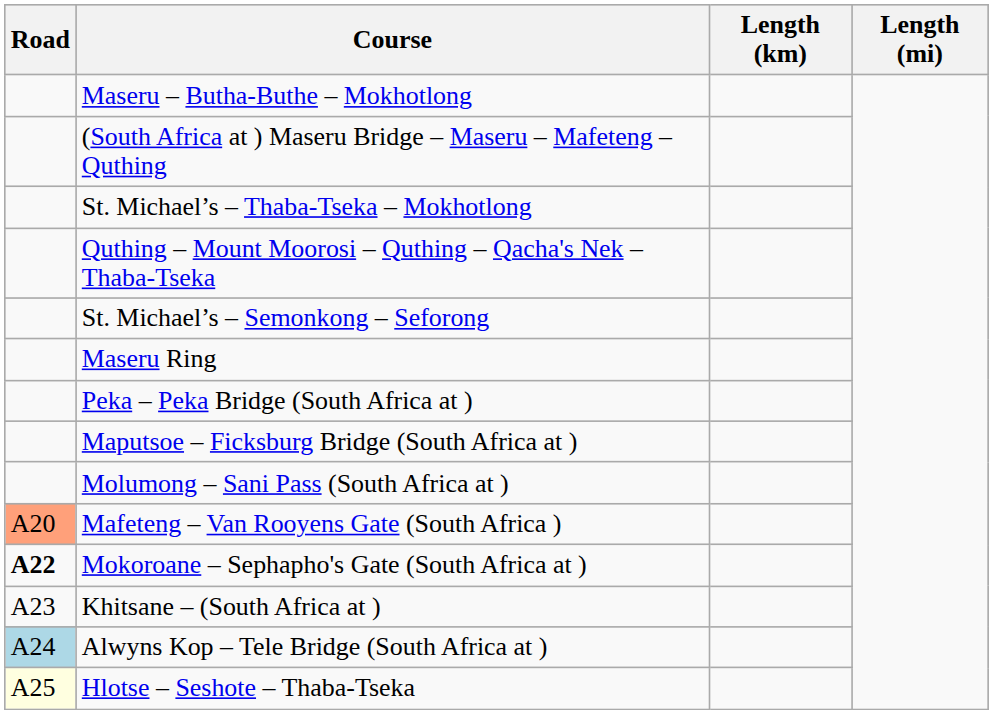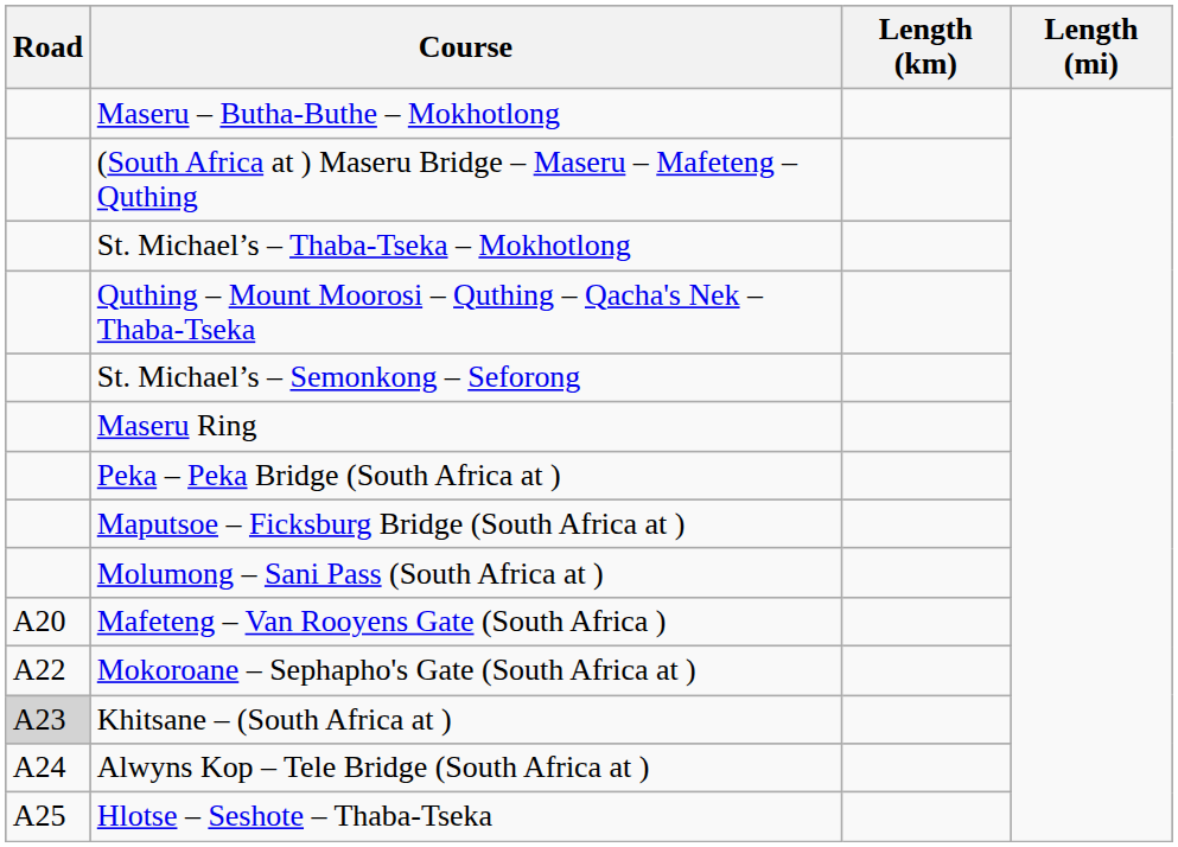 <table class="wikitable">
 <tr>
 <th>Road</th>
 <th>Course</th>
 <th>Length (km)</th>
 <th>Length (mi)</th>
 </tr>
 <tr>
 <td></td>
 <td><a href='#'>Maseru</a> – <a href='#'>Butha-Buthe</a> – <a href='#'>Mokhotlong</a></td>
 <td></td>
 </tr>
 <tr>
 <td></td>
 <td>(<a href='#'>South Africa</a> at ) Maseru Bridge – <a href='#'>Maseru</a> – <a href='#'>Mafeteng</a> –  <a href='#'>Quthing</a></td>
 <td></td>
 </tr>
 <tr>
 <td></td>
 <td>St. Michael’s – <a href='#'>Thaba-Tseka</a> – <a href='#'>Mokhotlong</a></td>
 <td></td>
 </tr>
 <tr>
 <td></td>
 <td><a href='#'>Quthing</a> – <a href='#'>Mount Moorosi</a> – <a href='#'>Quthing</a> – <a href='#'>Qacha's Nek</a> – <a href='#'>Thaba-Tseka</a></td>
 <td></td>
 </tr>
 <tr>
 <td></td>
 <td>St. Michael’s – <a href='#'>Semonkong</a> – <a href='#'>Seforong</a></td>
 <td></td>
 </tr>
 <tr>
 <td></td>
 <td><a href='#'>Maseru</a> Ring</td>
 <td></td>
 </tr>
 <tr>
 <td></td>
 <td><a href='#'>Peka</a> – <a href='#'>Peka</a> Bridge (South Africa at )</td>
 <td></td>
 </tr>
 <tr>
 <td></td>
 <td><a href='#'>Maputsoe</a> – <a href='#'>Ficksburg</a> Bridge (South Africa at )</td>
 <td></td>
 </tr>
 <tr>
 <td></td>
 <td><a href='#'>Molumong</a> – <a href='#'>Sani Pass</a> (South Africa at )</td>
 <td></td>
 </tr>
 <tr>
-<td style="background: lightsalmon;">A20</td>
+<td>A20</td>
 <td><a href='#'>Mafeteng</a> – <a href='#'>Van Rooyens Gate</a> (South Africa )</td>
 <td></td>
 </tr>
 <tr>
-<td><strong>A22</strong></td>
+<td>A22</td>
 <td><a href='#'>Mokoroane</a> – Sephapho's Gate (South Africa at )</td>
 <td></td>
 </tr>
 <tr>
-<td>A23</td>
+<td style="background: lightgrey;">A23</td>
 <td>Khitsane –  (South Africa at )</td>
 <td></td>
 </tr>
 <tr>
-<td style="background: lightblue;">A24</td>
+<td>A24</td>
 <td>Alwyns Kop – Tele Bridge (South Africa at )</td>
 <td></td>
 </tr>
 <tr>
-<td style="background: lightyellow;">A25</td>
+<td>A25</td>
 <td><a href='#'>Hlotse</a> – <a href='#'>Seshote</a> – Thaba-Tseka</td>
 <td></td>
 </tr>
 </table>
